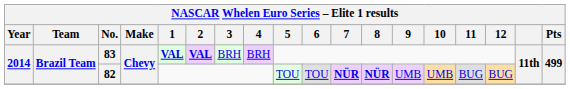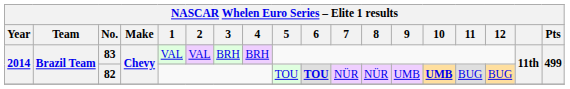 <table class="wikitable" style="text-align:center; font-size:75%">
 <tr>
 <th colspan=21><a href='#'>NASCAR</a> <a href='#'>Whelen Euro Series</a> – Elite 1 results</th>
 </tr>
 <tr>
 <th>Year</th>
 <th>Team</th>
 <th>No.</th>
 <th>Make</th>
 <th>1</th>
 <th>2</th>
 <th>3</th>
 <th>4</th>
 <th>5</th>
 <th>6</th>
 <th>7</th>
 <th>8</th>
 <th>9</th>
 <th>10</th>
 <th>11</th>
 <th>12</th>
 <th></th>
 <th>Pts</th>
 </tr>
 <tr>
 <th rowspan=2><a href='#'>2014</a></th>
 <th rowspan=2 nowrap><a href='#'>Brazil Team</a></th>
 <th>83</th>
 <th rowspan=2><a href='#'>Chevy</a></th>
-<td style="background-color:#DFFFDF"><strong><a href='#'>VAL</a><br></strong></td>
-<td style="background-color:#EFCFFF"><strong><a href='#'>VAL</a><br></strong></td>
+<td style="background-color:#DFFFDF"><a href='#'>VAL</a><br></td>
+<td style="background-color:#EFCFFF"><a href='#'>VAL</a><br></td>
 <td style="background-color:#DFFFDF"><a href='#'>BRH</a><br></td>
 <td style="background-color:#EFCFFF"><a href='#'>BRH</a><br></td>
 <td colspan=8></td>
 <th rowspan=2>11th</th>
 <th rowspan=2>499</th>
 </tr>
 <tr>
 <th>82</th>
 <td colspan=4></td>
 <td style="background-color:#DFFFDF"><a href='#'>TOU</a><br></td>
-<td style="background-color:#DFDFDF"><a href='#'>TOU</a><br></td>
-<td style="background-color:#EFCFFF"><strong><a href='#'>NÜR</a><br></strong></td>
-<td style="background-color:#EFCFFF"><strong><a href='#'>NÜR</a><br></strong></td>
+<td style="background-color:#DFDFDF"><strong><a href='#'>TOU</a><br></strong></td>
+<td style="background-color:#EFCFFF"><a href='#'>NÜR</a><br></td>
+<td style="background-color:#EFCFFF"><a href='#'>NÜR</a><br></td>
 <td style="background-color:#EFCFFF"><a href='#'>UMB</a><br></td>
-<td style="background-color:#FFDF9F"><a href='#'>UMB</a><br></td>
+<td style="background-color:#FFDF9F"><strong><a href='#'>UMB</a><br></strong></td>
 <td style="background-color:#DFDFDF"><a href='#'>BUG</a><br></td>
 <td style="background-color:#FFDF9F"><a href='#'>BUG</a><br></td>
 </tr>
 <tr>
 </tr>
 </table>
